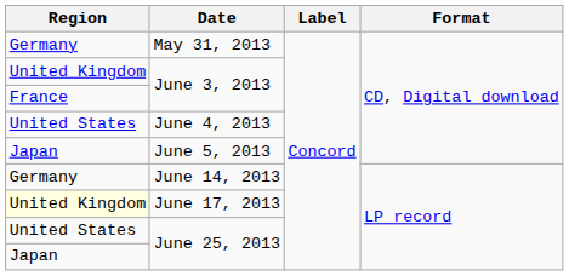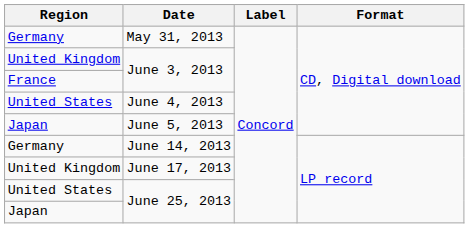 <table class="wikitable plainrowheaders">
 <tr>
 <th scope="col">Region</th>
 <th scope="col">Date</th>
 <th scope="col">Label</th>
 <th scope="col">Format</th>
 </tr>
 <tr>
 <td><a href='#'>Germany</a></td>
 <td>May 31, 2013</td>
 <td rowspan ="9"><a href='#'>Concord</a></td>
 <td rowspan ="5"><a href='#'>CD</a>, <a href='#'>Digital download</a></td>
 </tr>
 <tr>
 <td><a href='#'>United Kingdom</a></td>
 <td rowspan ="2">June 3, 2013</td>
 </tr>
 <tr>
 <td><a href='#'>France</a></td>
 </tr>
 <tr>
 <td><a href='#'>United States</a></td>
 <td>June 4, 2013</td>
 </tr>
 <tr>
 <td><a href='#'>Japan</a></td>
 <td>June 5, 2013</td>
 </tr>
 <tr>
 <td>Germany</td>
 <td>June 14, 2013</td>
 <td rowspan ="4"><a href='#'>LP record</a></td>
 </tr>
 <tr>
-<td style="background: lightyellow;">United Kingdom</td>
+<td>United Kingdom</td>
 <td>June 17, 2013</td>
 </tr>
 <tr>
 <td>United States</td>
 <td rowspan ="2">June 25, 2013</td>
 </tr>
 <tr>
 <td>Japan</td>
 </tr>
 </table>
